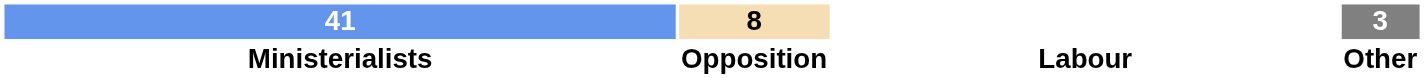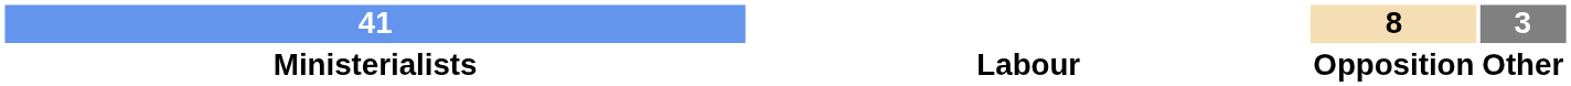 <table style="width:65%; text-align:center;">
 <tr style="color:white;">
 <td style="background:#6495ED; width:47.82%;"><strong>41</strong></td>
+<td style="background:"><strong>20</strong></td>
 <td style="color:black; background:#F5DEB3; width:6.5%;"><strong>8</strong></td>
-<td style="background:"><strong>20</strong></td>
 <td style="background:gray; width:1.3%;"><strong>3</strong></td>
 </tr>
 <tr>
 <td><span><strong>Ministerialists</strong></span></td>
+<td><span><strong>Labour</strong></span></td>
 <td><span><strong>Opposition</strong></span></td>
-<td><span><strong>Labour</strong></span></td>
 <td><span><strong>Other</strong></span></td>
 </tr>
 </table>
